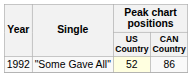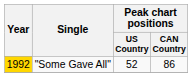 <table class="wikitable" style="text-align:center;">
 <tr>
 <th rowspan="2">Year</th>
 <th rowspan="2">Single</th>
 <th colspan="5">Peak chart positions</th>
 </tr>
 <tr style="font-size:smaller;">
 <th width="35">US Country<br></th>
 <th width="35">CAN Country</th>
 </tr>
 <tr>
-<td rowspan="1">1992</td>
+<td rowspan="1" style="background: gold;">1992</td>
 <td align="left">"Some Gave All"</td>
-<td style="background: lightyellow;">52</td>
+<td>52</td>
 <td>86</td>
 </tr>
 <tr>
 </tr>
 </table>
